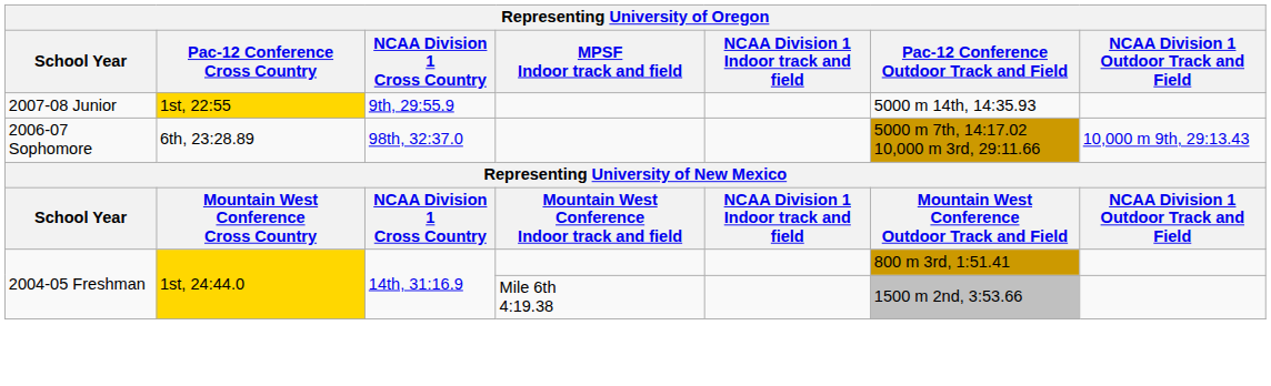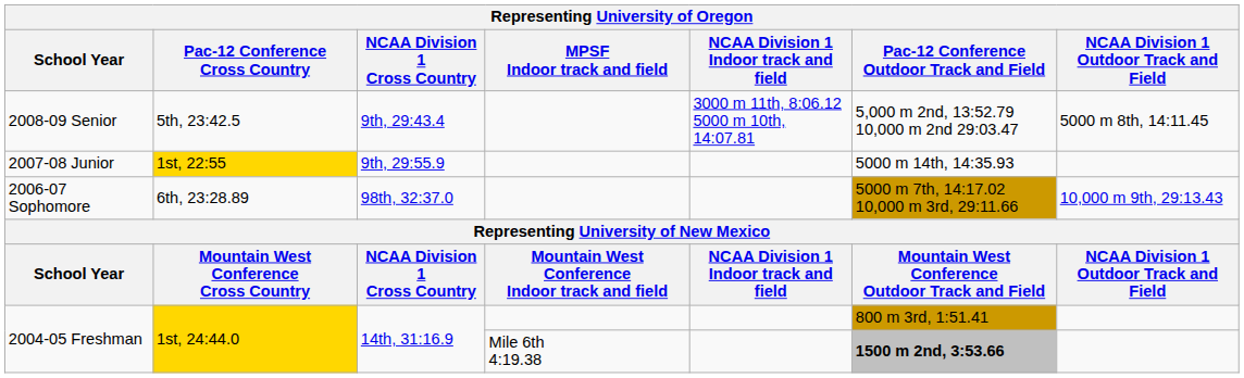 <table class="wikitable sortable">
 <tr>
 <th colspan="7">Representing <a href='#'>University of Oregon</a></th>
 </tr>
 <tr>
 <th>School Year</th>
 <th><a href='#'>Pac-12 Conference</a><br><a href='#'>Cross Country</a></th>
 <th><a href='#'>NCAA Division 1</a><br><a href='#'>Cross Country</a></th>
 <th><a href='#'>MPSF</a><br><a href='#'>Indoor track and field</a></th>
 <th><a href='#'>NCAA Division 1</a><br><a href='#'>Indoor track and field</a></th>
 <th><a href='#'>Pac-12 Conference</a><br><a href='#'>Outdoor Track and Field</a></th>
 <th><a href='#'>NCAA Division 1</a><br><a href='#'>Outdoor Track and Field</a></th>
+</tr>
+<tr>
+<td>2008-09 Senior</td>
+<td>5th, 23:42.5</td>
+<td><a href='#'>9th, 29:43.4</a></td>
+<td></td>
+<td><a href='#'> 3000 m 11th, 8:06.12<br>5000 m 10th, 14:07.81</a></td>
+<td>5,000 m 2nd, 13:52.79<br>10,000 m 2nd 29:03.47 </td>
+<td>5000 m 8th, 14:11.45</td>
 </tr>
 <tr>
 <td>2007-08 Junior</td>
 <td bgcolor="gold">1st, 22:55</td>
 <td><a href='#'>9th, 29:55.9</a></td>
 <td></td>
 <td></td>
 <td>5000 m 14th, 14:35.93</td>
 <td></td>
 </tr>
 <tr>
 <td>2006-07 Sophomore</td>
 <td>6th, 23:28.89</td>
 <td><a href='#'>98th, 32:37.0</a></td>
 <td></td>
 <td></td>
 <td bgcolor=cc9900>5000 m 7th, 14:17.02<br>10,000 m 3rd, 29:11.66</td>
 <td><a href='#'>10,000 m 9th, 29:13.43</a></td>
 </tr>
 <tr>
 <th colspan="7">Representing <a href='#'>University of New Mexico</a></th>
 </tr>
 <tr>
 <th>School Year</th>
 <th><a href='#'>Mountain West Conference</a><br><a href='#'>Cross Country</a></th>
 <th><a href='#'>NCAA Division 1</a><br><a href='#'>Cross Country</a></th>
 <th><a href='#'>Mountain West Conference</a><br><a href='#'>Indoor track and field</a></th>
 <th><a href='#'>NCAA Division 1</a><br><a href='#'>Indoor track and field</a></th>
 <th><a href='#'>Mountain West Conference</a><br><a href='#'>Outdoor Track and Field</a></th>
 <th><a href='#'>NCAA Division 1</a><br><a href='#'>Outdoor Track and Field</a></th>
 </tr>
 <tr>
 <td rowspan=2>2004-05 Freshman</td>
 <td bgcolor="gold" rowspan=2>1st, 24:44.0</td>
 <td rowspan=2><a href='#'>14th, 31:16.9</a></td>
 <td></td>
 <td></td>
 <td bgcolor="cc9900">800 m 3rd, 1:51.41</td>
 <td></td>
 </tr>
 <tr>
 <td>Mile 6th<br>4:19.38</td>
 <td></td>
-<td bgcolor="silver">1500 m 2nd, 3:53.66</td>
+<td bgcolor="silver"><strong>1500 m 2nd, 3:53.66</strong></td>
 <td></td>
 </tr>
 </table>
